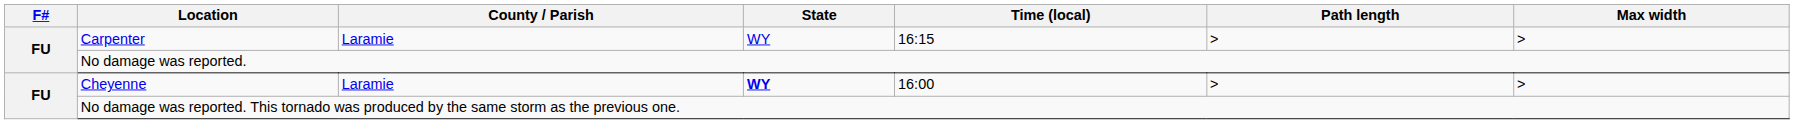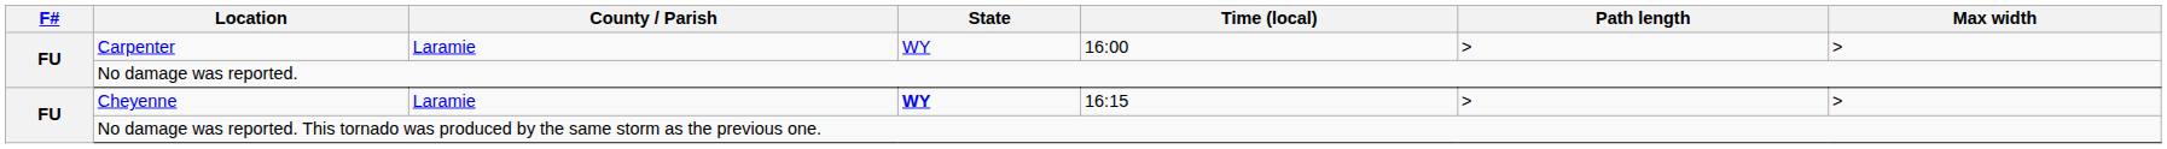 <table class="wikitable sortable" style="width:100%;">
 <tr>
 <th scope="col" align="center"><a href='#'>F#</a><br></th>
 <th scope="col" align="center" class="unsortable">Location</th>
 <th scope="col" align="center" class="unsortable">County / Parish</th>
 <th scope="col" align="center">State</th>
 <th scope="col" align="center">Time (local)</th>
 <th scope="col" align="center">Path length</th>
 <th scope="col" align="center">Max width</th>
 </tr>
 <tr>
 <th scope="row" rowspan="2" style="background-color:#">FU</th>
 <td><a href='#'>Carpenter</a></td>
 <td><a href='#'>Laramie</a></td>
 <td><a href='#'>WY</a></td>
-<td>16:15</td>
+<td>16:00</td>
 <td>></td>
 <td>></td>
 </tr>
 <tr class="expand-child">
 <td colspan="6" style="border-bottom: 1px solid black;">No damage was reported.</td>
 </tr>
 <tr>
 <th scope="row" rowspan="2" style="background-color:#">FU</th>
 <td><a href='#'>Cheyenne</a></td>
 <td><a href='#'>Laramie</a></td>
 <td><strong><a href='#'>WY</a></strong></td>
-<td>16:00</td>
+<td>16:15</td>
 <td>></td>
 <td>></td>
 </tr>
 <tr class="expand-child">
 <td colspan="6" style="border-bottom: 1px solid black;">No damage was reported. This tornado was produced by the same storm as the previous one.</td>
 </tr>
 </table>
